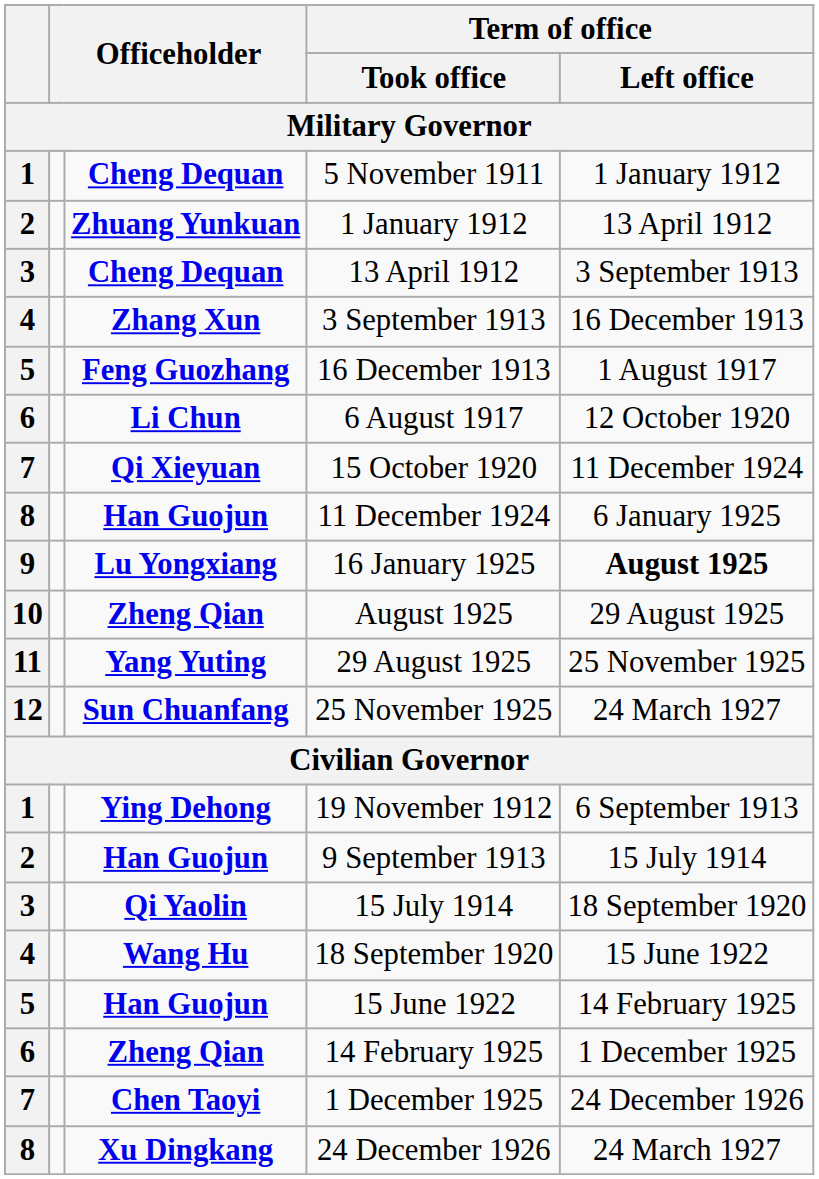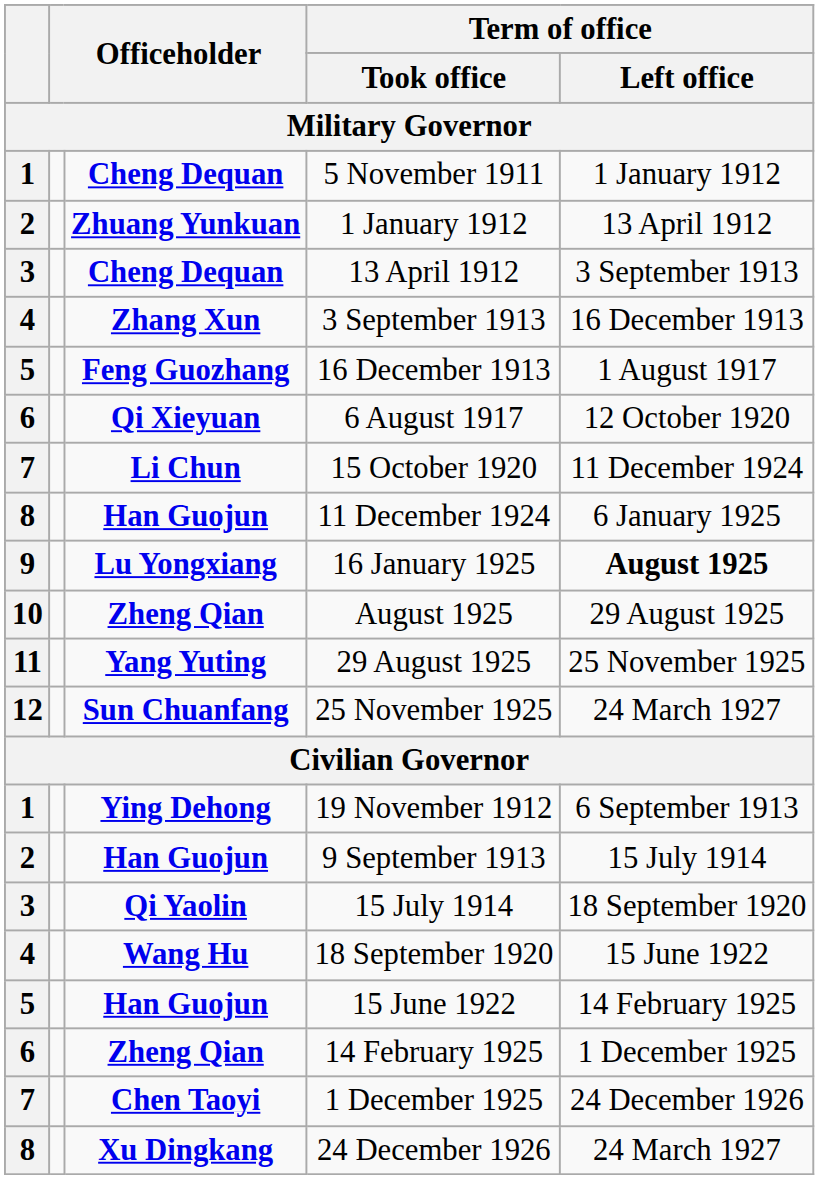 <table class="wikitable" style="text-align:center">
 <tr>
 <th rowspan="2"></th>
 <th colspan="2" rowspan="2">Officeholder</th>
 <th colspan="2">Term of office</th>
 </tr>
 <tr>
 <th>Took office</th>
 <th>Left office</th>
 </tr>
 <tr>
 <th colspan="5"><strong>Military Governor</strong></th>
 </tr>
 <tr>
 <th>1</th>
 <td></td>
 <td><strong><a href='#'>Cheng Dequan</a></strong><br></td>
 <td>5 November 1911</td>
 <td>1 January 1912</td>
 </tr>
 <tr>
 <th>2</th>
 <td></td>
 <td><strong><a href='#'>Zhuang Yunkuan</a></strong><br></td>
 <td>1 January 1912</td>
 <td>13 April 1912</td>
 </tr>
 <tr>
 <th>3</th>
 <td></td>
 <td><a href='#'><strong>Cheng Dequan</strong></a><br></td>
 <td>13 April 1912</td>
 <td>3 September 1913</td>
 </tr>
 <tr>
 <th>4</th>
 <td></td>
 <td><strong><a href='#'>Zhang Xun</a></strong><br></td>
 <td>3 September 1913</td>
 <td>16 December 1913</td>
 </tr>
 <tr>
 <th>5</th>
 <td></td>
 <td><strong><a href='#'>Feng Guozhang</a></strong><br></td>
 <td>16 December 1913</td>
 <td>1 August 1917</td>
 </tr>
 <tr>
 <th>6</th>
 <td></td>
-<td><strong><a href='#'>Li Chun</a></strong><br></td>
+<td><strong><a href='#'>Qi Xieyuan</a></strong><br></td>
 <td>6 August 1917</td>
 <td>12 October 1920</td>
 </tr>
 <tr>
 <th>7</th>
 <td></td>
-<td><strong><a href='#'>Qi Xieyuan</a></strong><br></td>
+<td><strong><a href='#'>Li Chun</a></strong><br></td>
 <td>15 October 1920</td>
 <td>11 December 1924</td>
 </tr>
 <tr>
 <th>8</th>
 <td></td>
 <td><strong><a href='#'>Han Guojun</a></strong><br></td>
 <td>11 December 1924</td>
 <td>6 January 1925</td>
 </tr>
 <tr>
 <th>9</th>
 <td></td>
 <td><strong><a href='#'>Lu Yongxiang</a></strong><br></td>
 <td>16 January 1925</td>
 <td><strong>August 1925</strong></td>
 </tr>
 <tr>
 <th>10</th>
 <td></td>
 <td><strong><a href='#'>Zheng Qian</a></strong><br></td>
 <td>August 1925</td>
 <td>29 August 1925</td>
 </tr>
 <tr>
 <th>11</th>
 <td></td>
 <td><strong><a href='#'>Yang Yuting</a></strong><br></td>
 <td>29 August 1925</td>
 <td>25 November 1925</td>
 </tr>
 <tr>
 <th>12</th>
 <td></td>
 <td><strong><a href='#'>Sun Chuanfang</a></strong><br></td>
 <td>25 November 1925</td>
 <td>24 March 1927</td>
 </tr>
 <tr>
 <th colspan="5"><strong>Civilian Governor</strong></th>
 </tr>
 <tr>
 <th>1</th>
 <td></td>
 <td><strong><a href='#'>Ying Dehong</a></strong><br></td>
 <td>19 November 1912</td>
 <td>6 September 1913</td>
 </tr>
 <tr>
 <th>2</th>
 <td></td>
 <td><strong><a href='#'>Han Guojun</a></strong><br></td>
 <td>9 September 1913</td>
 <td>15 July 1914</td>
 </tr>
 <tr>
 <th>3</th>
 <td></td>
 <td><strong><a href='#'>Qi Yaolin</a></strong><br></td>
 <td>15 July 1914</td>
 <td>18 September 1920</td>
 </tr>
 <tr>
 <th>4</th>
 <td></td>
 <td><strong><a href='#'>Wang Hu</a></strong><br></td>
 <td>18 September 1920</td>
 <td>15 June 1922</td>
 </tr>
 <tr>
 <th>5</th>
 <td></td>
 <td><strong><a href='#'>Han Guojun</a></strong><br></td>
 <td>15 June 1922</td>
 <td>14 February 1925</td>
 </tr>
 <tr>
 <th>6</th>
 <td></td>
 <td><strong><a href='#'>Zheng Qian</a></strong><br></td>
 <td>14 February 1925</td>
 <td>1 December 1925</td>
 </tr>
 <tr>
 <th>7</th>
 <td></td>
 <td><strong><a href='#'>Chen Taoyi</a></strong><br></td>
 <td>1 December 1925</td>
 <td>24 December 1926</td>
 </tr>
 <tr>
 <th>8</th>
 <td></td>
 <td><strong><a href='#'>Xu Dingkang</a></strong><br></td>
 <td>24 December 1926</td>
 <td>24 March 1927</td>
 </tr>
 </table>
